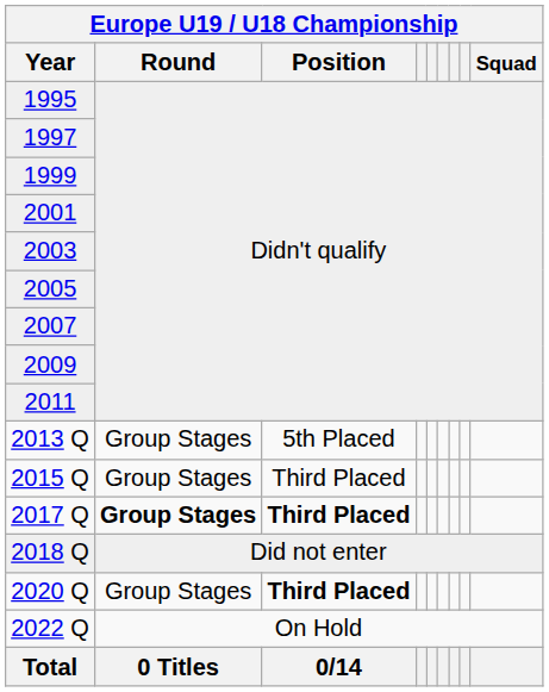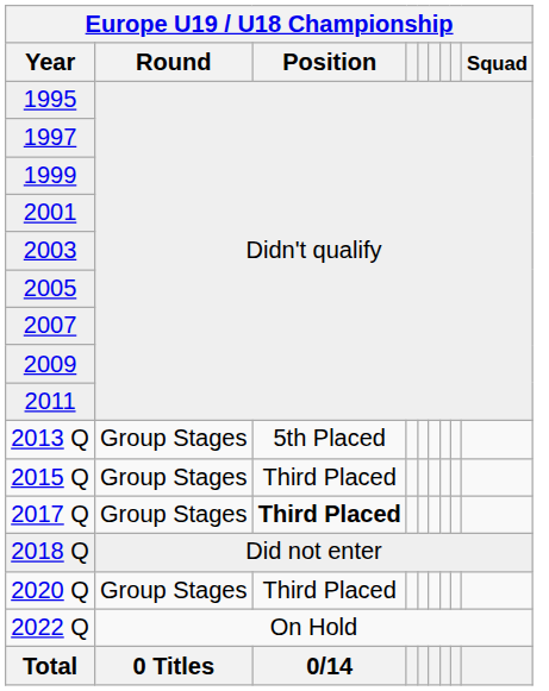 <table class="wikitable" style="text-align: center;">
 <tr>
 <th colspan=9><a href='#'>Europe U19 / U18 Championship</a></th>
 </tr>
 <tr>
 <th>Year</th>
 <th>Round</th>
 <th>Position</th>
 <th></th>
 <th></th>
 <th></th>
 <th></th>
 <th></th>
 <th><small>Squad</small></th>
 </tr>
 <tr bgcolor="efefef">
 <td> <a href='#'>1995</a></td>
 <td colspan=9 rowspan=9>Didn't qualify</td>
 </tr>
 <tr bgcolor="efefef">
 <td> <a href='#'>1997</a></td>
 </tr>
 <tr bgcolor="efefef">
 <td> <a href='#'>1999</a></td>
 </tr>
 <tr bgcolor="efefef">
 <td> <a href='#'>2001</a></td>
 </tr>
 <tr bgcolor="efefef">
 <td> <a href='#'>2003</a></td>
 </tr>
 <tr bgcolor="efefef">
 <td> <a href='#'>2005</a></td>
 </tr>
 <tr bgcolor="efefef">
 <td> <a href='#'>2007</a></td>
 </tr>
 <tr bgcolor="efefef">
 <td> <a href='#'>2009</a></td>
 </tr>
 <tr bgcolor="efefef">
 <td> <a href='#'>2011</a></td>
 </tr>
 <tr bgcolor=>
 <td><a href='#'>2013</a> Q</td>
 <td>Group Stages</td>
 <td>5th Placed</td>
 <td></td>
 <td></td>
 <td></td>
 <td></td>
 <td></td>
 <td></td>
 </tr>
 <tr bgcolor=>
 <td><a href='#'>2015</a> Q</td>
 <td>Group Stages</td>
 <td>Third Placed</td>
 <td></td>
 <td></td>
 <td></td>
 <td></td>
 <td></td>
 <td></td>
 </tr>
 <tr bgcolor=>
 <td><a href='#'>2017</a> Q</td>
-<td><strong>Group Stages</strong></td>
+<td>Group Stages</td>
 <td><strong>Third Placed</strong></td>
 <td></td>
 <td></td>
 <td></td>
 <td></td>
 <td></td>
 <td></td>
 </tr>
 <tr bgcolor="efefef">
 <td><a href='#'>2018</a> Q</td>
 <td colspan=8>Did not enter</td>
 </tr>
 <tr bgcolor=>
 <td><a href='#'>2020</a> Q</td>
 <td>Group Stages</td>
-<td><strong>Third Placed</strong></td>
+<td>Third Placed</td>
 <td></td>
 <td></td>
 <td></td>
 <td></td>
 <td></td>
 <td></td>
 </tr>
 <tr>
 <td><a href='#'>2022</a> Q</td>
 <td colspan=8>On Hold</td>
 </tr>
 <tr>
 <th>Total</th>
 <th>0 Titles</th>
 <th>0/14</th>
 <th></th>
 <th></th>
 <th></th>
 <th></th>
 <th></th>
 <th></th>
 </tr>
 </table>
